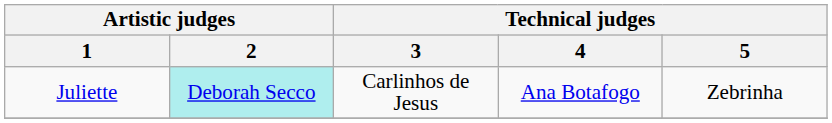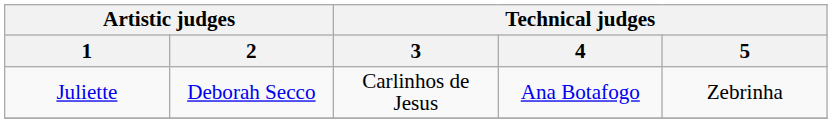 <table class="wikitable" style="font-size:100%; line-height:16px; text-align:center" width="100%">
 <tr>
 <th colspan=2>Artistic judges</th>
 <th colspan=3>Technical judges</th>
 </tr>
 <tr>
 <th width="20.0%">1</th>
 <th width="20.0%">2</th>
 <th width="20.0%">3</th>
 <th width="20.0%">4</th>
 <th width="20.0%">5</th>
 </tr>
 <tr>
 <td><a href='#'>Juliette</a></td>
-<td style="background: paleturquoise;"><a href='#'>Deborah Secco</a></td>
+<td><a href='#'>Deborah Secco</a></td>
 <td>Carlinhos de Jesus</td>
 <td><a href='#'>Ana Botafogo</a></td>
 <td>Zebrinha</td>
 </tr>
 <tr>
 </tr>
 </table>
